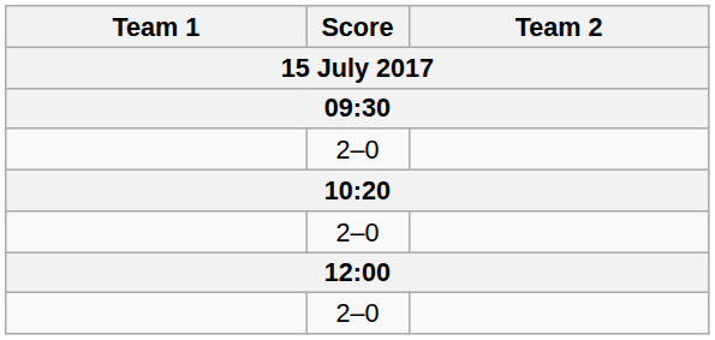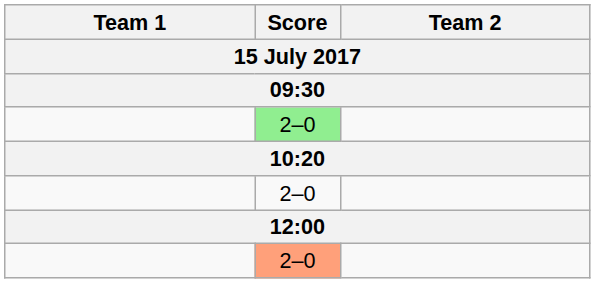 <table class="wikitable" style="text-align: center; font-size:90% ">
 <tr>
 <th align="right" width="160">Team 1</th>
 <th width="50">Score</th>
 <th align="left" width="160">Team 2</th>
 </tr>
 <tr>
 <th colspan=3>15 July 2017</th>
 </tr>
 <tr>
 <th colspan=3>09:30</th>
 </tr>
 <tr>
 <td align=right></td>
-<td align=center>2–0</td>
+<td align=center style="background: lightgreen;">2–0</td>
 <td align=left></td>
 </tr>
 <tr>
 <th colspan=3>10:20</th>
 </tr>
 <tr>
 <td align=right></td>
 <td align=center>2–0</td>
 <td align=left></td>
 </tr>
 <tr>
 <th colspan=3>12:00</th>
 </tr>
 <tr>
 <td align=right></td>
-<td align=center>2–0</td>
+<td align=center style="background: lightsalmon;">2–0</td>
 <td align=left></td>
 </tr>
 </table>
